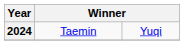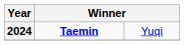 <table class="wikitable plainrowheaders" style="text-align:center">
 <tr>
 <th scope="col">Year</th>
 <th scope="col" width="200" colspan="2">Winner</th>
 </tr>
 <tr>
 <th scope="row">2024</th>
-<td><a href='#'>Taemin</a></td>
+<td><strong><a href='#'>Taemin</a></strong></td>
 <td><a href='#'>Yuqi</a></td>
 </tr>
 <tr>
 </tr>
 </table>
